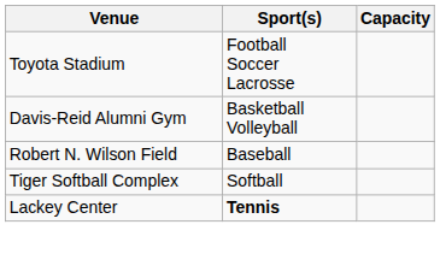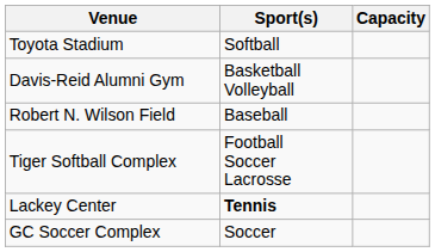 <table class="wikitable"; style= "text-align: ">
 <tr>
 <th width=200px>Venue</th>
 <th width=120px>Sport(s)</th>
 <th width=px>Capacity</th>
 </tr>
 <tr>
 <td>Toyota Stadium</td>
-<td>Football <br> Soccer <br> Lacrosse</td>
+<td>Softball</td>
 <td></td>
 </tr>
 <tr>
 <td>Davis-Reid Alumni Gym</td>
 <td>Basketball <br> Volleyball</td>
 <td></td>
 </tr>
 <tr>
 <td>Robert N. Wilson Field</td>
 <td>Baseball</td>
 <td></td>
 </tr>
 <tr>
 <td>Tiger Softball Complex</td>
-<td>Softball</td>
+<td>Football <br> Soccer <br> Lacrosse</td>
 <td></td>
 </tr>
 <tr>
 <td>Lackey Center</td>
 <td><strong>Tennis</strong></td>
 <td></td>
 </tr>
+<tr>
+<td>GC Soccer Complex</td>
+<td>Soccer</td>
+<td></td>
+</tr>
 </table>
